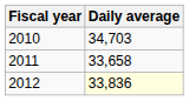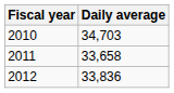 <table class="wikitable">
 <tr>
 <th>Fiscal year</th>
 <th>Daily average</th>
 </tr>
 <tr>
 <td>2010</td>
 <td>34,703</td>
 </tr>
 <tr>
 <td>2011</td>
 <td>33,658</td>
 </tr>
 <tr>
 <td>2012</td>
-<td style="background: lightyellow;">33,836</td>
+<td>33,836</td>
 </tr>
 </table>
